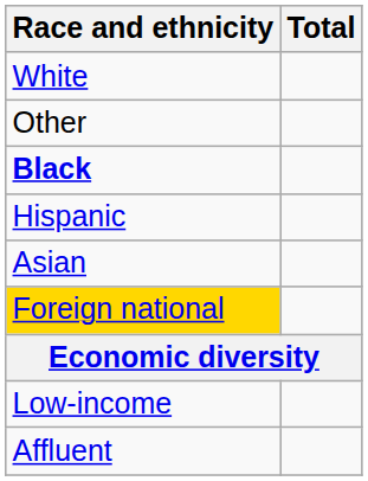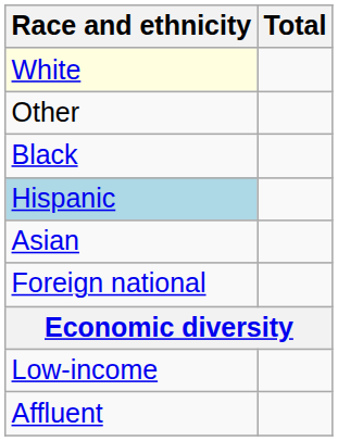 <table class="wikitable floatright sortable collapsible"; text-align:right; font-size:80%;">
 <tr>
 <th>Race and ethnicity</th>
 <th colspan="2" data-sort-type=number>Total</th>
 </tr>
 <tr>
-<td><a href='#'>White</a></td>
+<td style="background: lightyellow;"><a href='#'>White</a></td>
 <td align=right></td>
 </tr>
 <tr>
 <td>Other</td>
 <td align=right></td>
 </tr>
 <tr>
-<td><strong><a href='#'>Black</a></strong></td>
+<td><a href='#'>Black</a></td>
 <td align=right></td>
 </tr>
 <tr>
-<td><a href='#'>Hispanic</a></td>
+<td style="background: lightblue;"><a href='#'>Hispanic</a></td>
 <td align=right></td>
 </tr>
 <tr>
 <td><a href='#'>Asian</a></td>
 <td align=right></td>
 </tr>
 <tr>
-<td style="background: gold;"><a href='#'>Foreign national</a></td>
+<td><a href='#'>Foreign national</a></td>
 <td align=right></td>
 </tr>
 <tr>
 <th colspan="4" data-sort-type=number><a href='#'>Economic diversity</a></th>
 </tr>
 <tr>
 <td><a href='#'>Low-income</a></td>
 <td align=right></td>
 </tr>
 <tr>
 <td><a href='#'>Affluent</a></td>
 <td align=right></td>
 </tr>
 </table>
